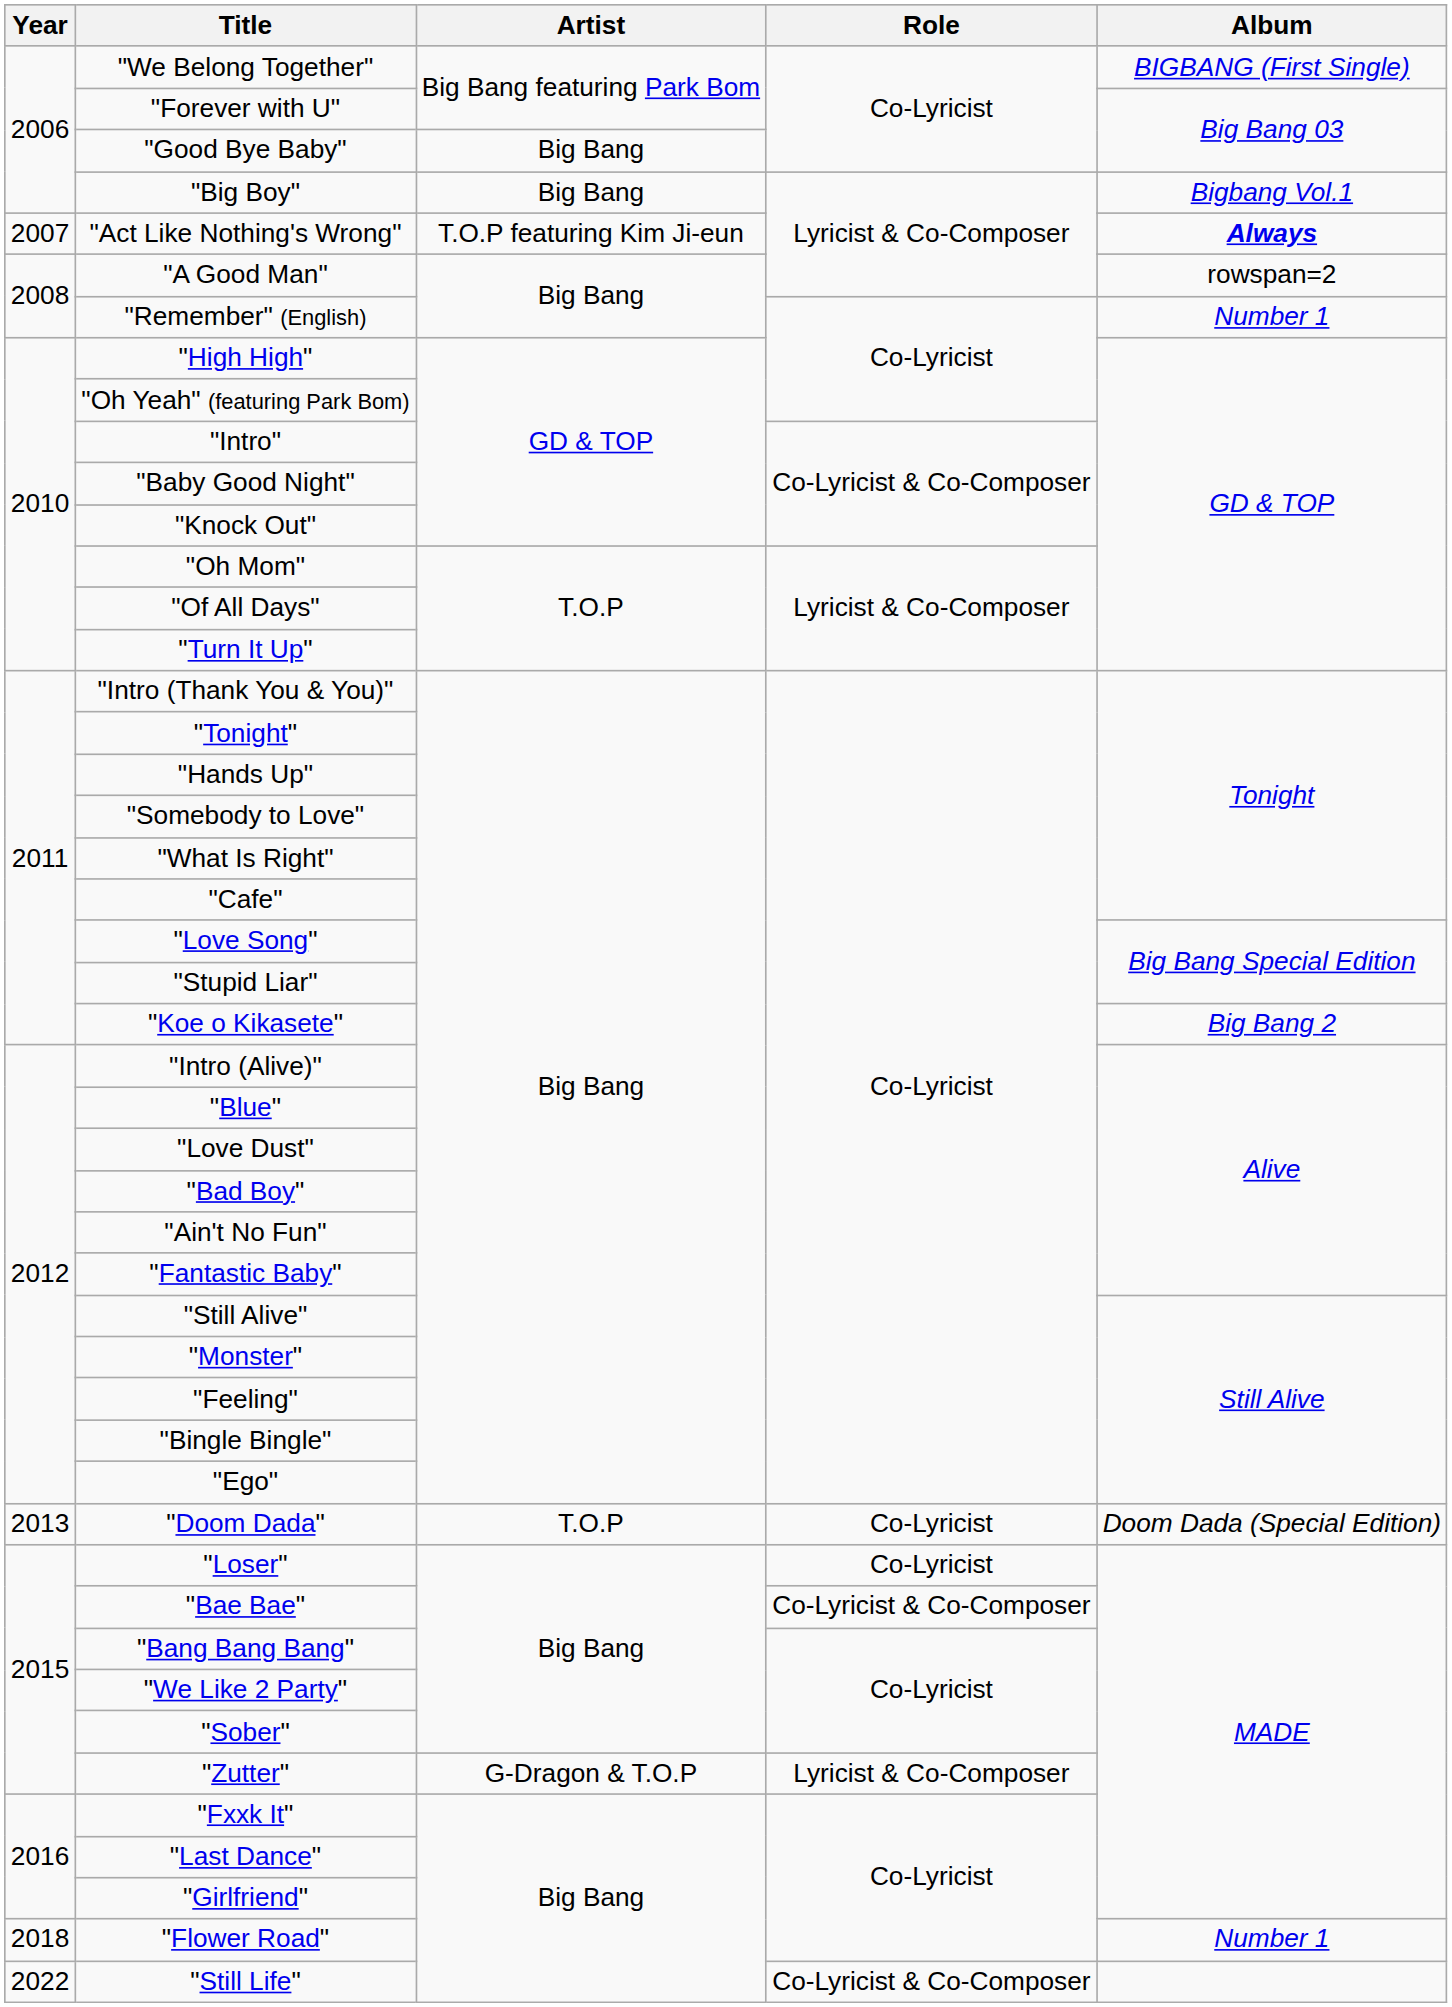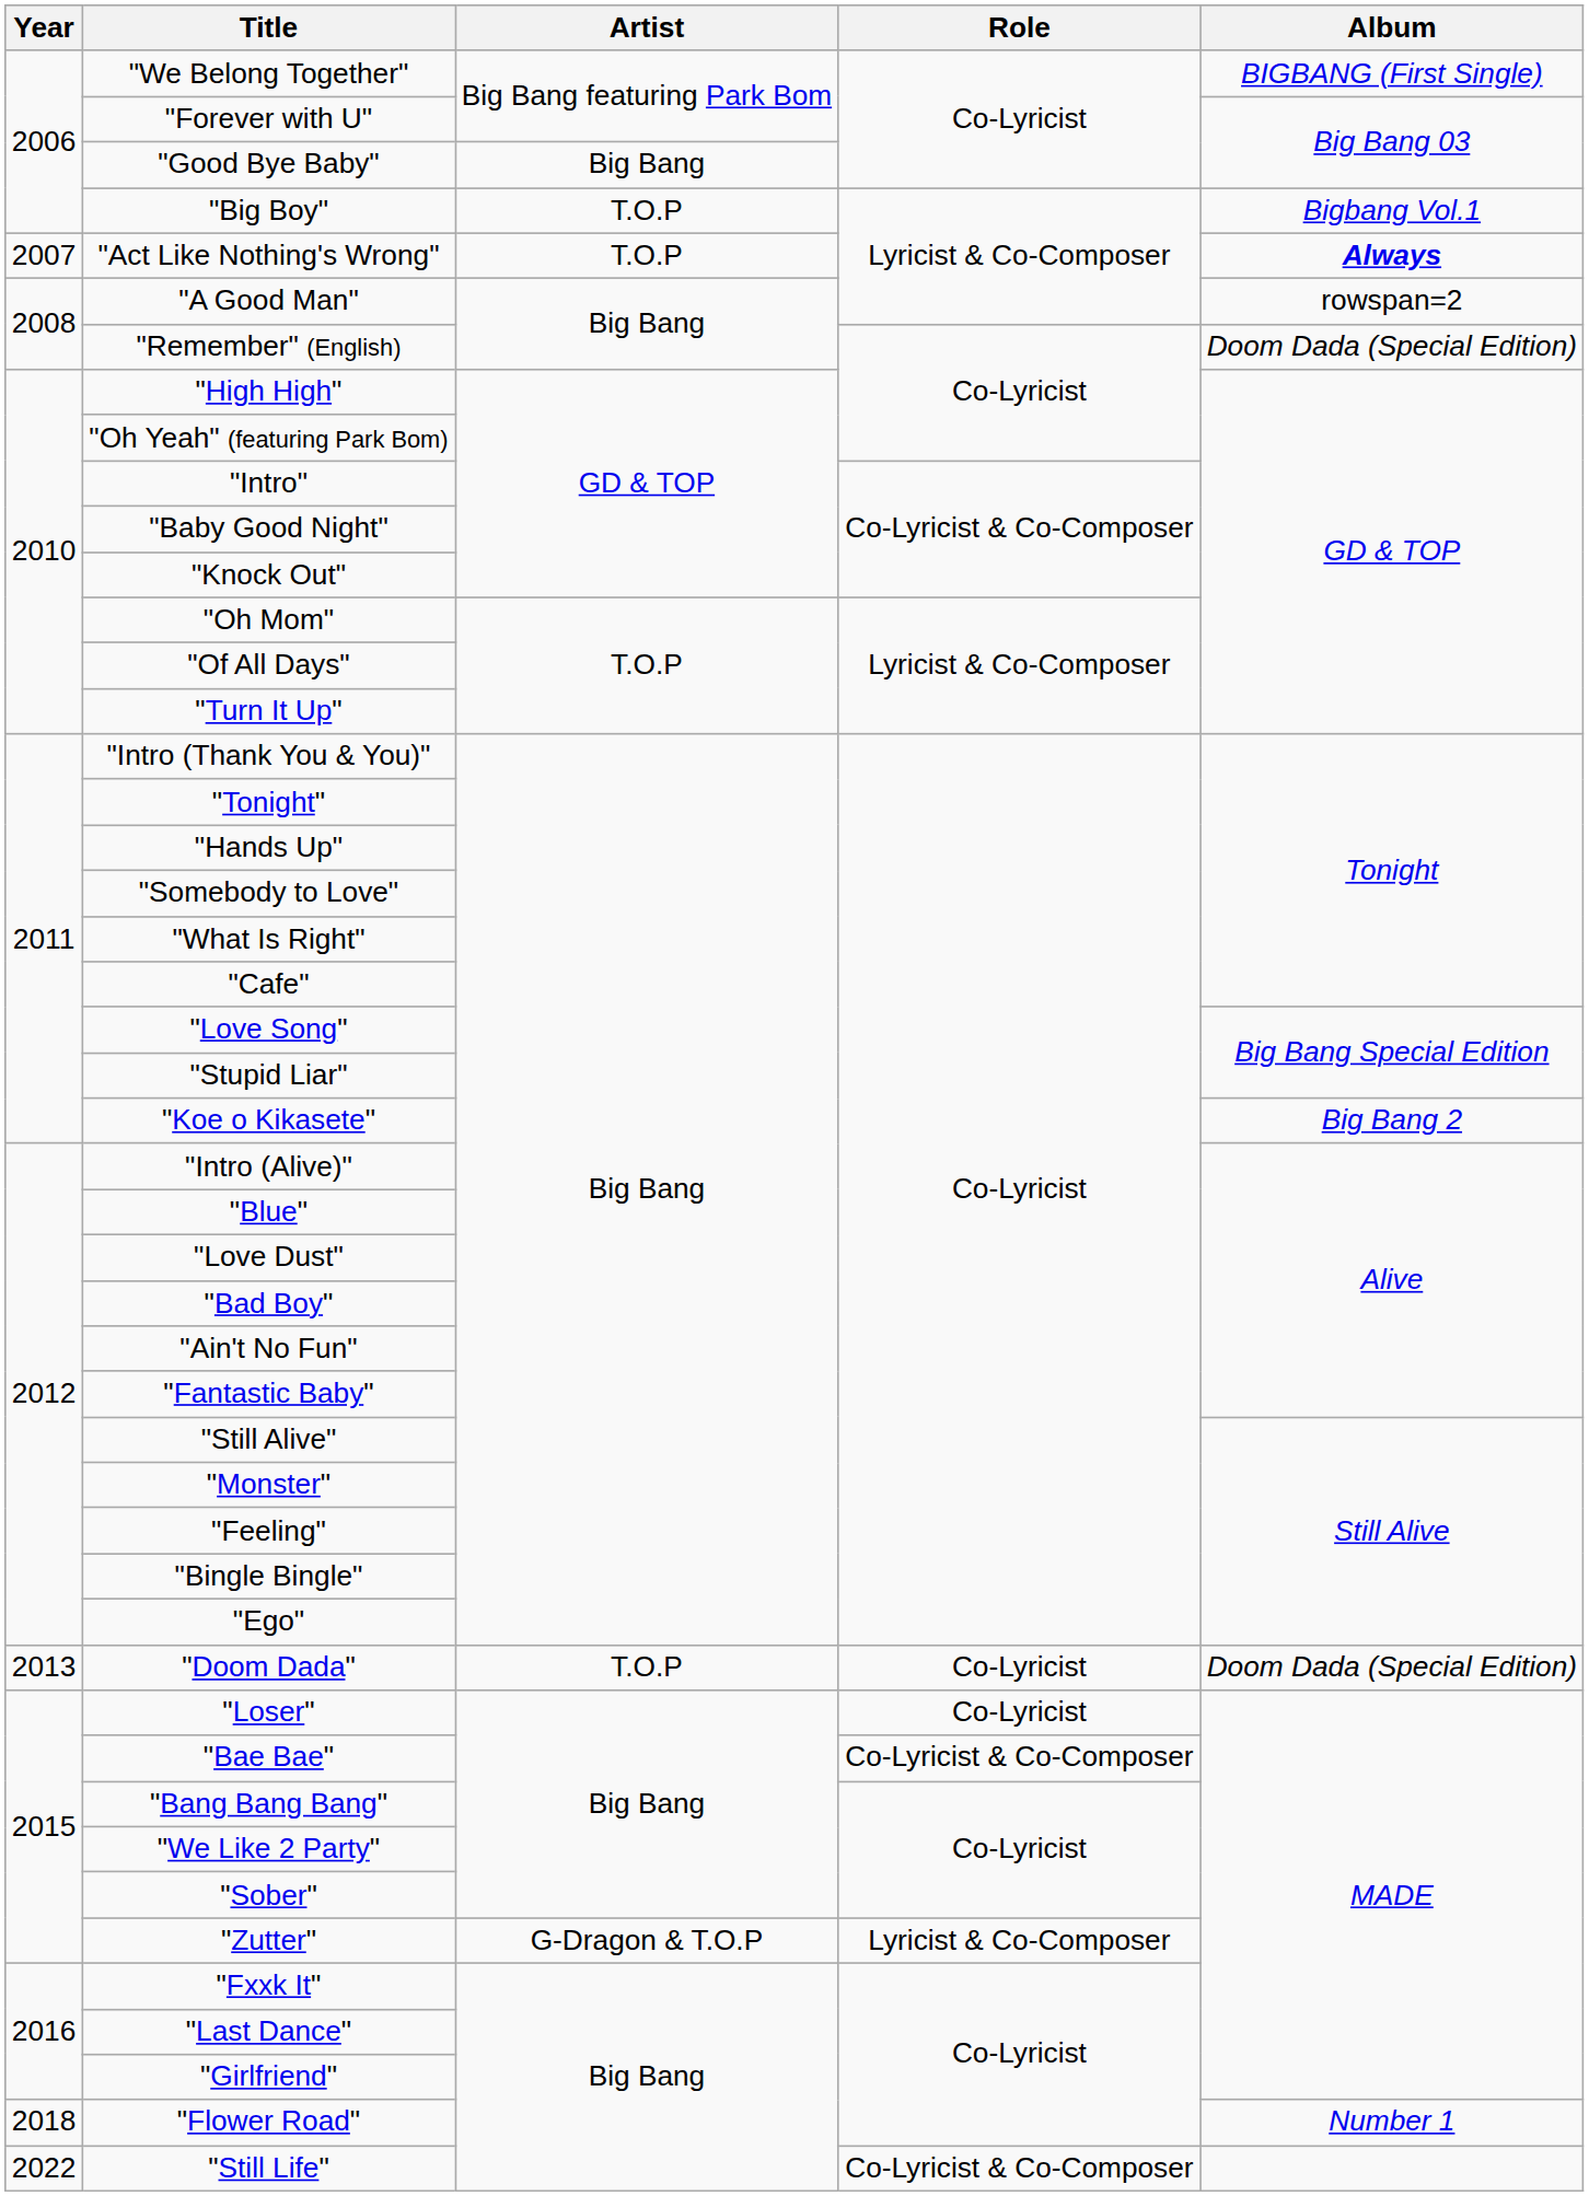 <table class="wikitable" style="text-align:center">
 <tr>
 <th>Year</th>
 <th>Title</th>
 <th>Artist</th>
 <th>Role</th>
 <th>Album</th>
 </tr>
 <tr>
 <td rowspan=4>2006</td>
 <td>"We Belong Together"</td>
 <td rowspan=2>Big Bang featuring <a href='#'>Park Bom</a></td>
 <td rowspan=3>Co-Lyricist</td>
 <td><em><a href='#'>BIGBANG (First Single)</a></em></td>
 </tr>
 <tr>
 <td>"Forever with U"</td>
 <td rowspan=2><em><a href='#'>Big Bang 03</a></em></td>
 </tr>
 <tr>
 <td>"Good Bye Baby"</td>
 <td>Big Bang</td>
 </tr>
 <tr>
 <td>"Big Boy"</td>
-<td>Big Bang</td>
+<td>T.O.P</td>
 <td rowspan=3>Lyricist & Co-Composer</td>
 <td><em><a href='#'>Bigbang Vol.1</a></em></td>
 </tr>
 <tr>
 <td>2007</td>
 <td>"Act Like Nothing's Wrong"</td>
-<td>T.O.P featuring Kim Ji-eun</td>
+<td>T.O.P</td>
 <td><strong><em><a href='#'>Always</a></em></strong></td>
 </tr>
 <tr>
 <td rowspan=2>2008</td>
 <td>"A Good Man"</td>
 <td rowspan=2>Big Bang</td>
 <td>rowspan=2 </td>
 </tr>
 <tr>
 <td>"Remember" <small>(English)</small></td>
 <td rowspan=3>Co-Lyricist</td>
-<td><em><a href='#'>Number 1</a></em></td>
+<td><em>Doom Dada (Special Edition)</em></td>
 </tr>
 <tr>
 <td rowspan=8>2010</td>
 <td>"<a href='#'>High High</a>"</td>
 <td rowspan=5><a href='#'>GD & TOP</a></td>
 <td rowspan=8><em><a href='#'>GD & TOP</a></em></td>
 </tr>
 <tr>
 <td>"Oh Yeah" <small>(featuring Park Bom)</small></td>
 </tr>
 <tr>
 <td>"Intro"</td>
 <td rowspan=3>Co-Lyricist & Co-Composer</td>
 </tr>
 <tr>
 <td>"Baby Good Night"</td>
 </tr>
 <tr>
 <td>"Knock Out"</td>
 </tr>
 <tr>
 <td>"Oh Mom"</td>
 <td rowspan=3>T.O.P</td>
 <td rowspan=3>Lyricist & Co-Composer</td>
 </tr>
 <tr>
 <td>"Of All Days"</td>
 </tr>
 <tr>
 <td>"<a href='#'>Turn It Up</a>"</td>
 </tr>
 <tr>
 <td rowspan=9>2011</td>
 <td>"Intro (Thank You & You)"</td>
 <td rowspan=20>Big Bang</td>
 <td rowspan=20>Co-Lyricist</td>
 <td rowspan=6><em><a href='#'>Tonight</a></em></td>
 </tr>
 <tr>
 <td>"<a href='#'>Tonight</a>"</td>
 </tr>
 <tr>
 <td>"Hands Up"</td>
 </tr>
 <tr>
 <td>"Somebody to Love"</td>
 </tr>
 <tr>
 <td>"What Is Right"</td>
 </tr>
 <tr>
 <td>"Cafe"</td>
 </tr>
 <tr>
 <td>"<a href='#'>Love Song</a>"</td>
 <td rowspan=2><em><a href='#'>Big Bang Special Edition</a></em></td>
 </tr>
 <tr>
 <td>"Stupid Liar"</td>
 </tr>
 <tr>
 <td>"<a href='#'>Koe o Kikasete</a>"</td>
 <td><em><a href='#'>Big Bang 2</a></em></td>
 </tr>
 <tr>
 <td rowspan=11>2012</td>
 <td>"Intro (Alive)"</td>
 <td rowspan=6><em><a href='#'>Alive</a></em></td>
 </tr>
 <tr>
 <td>"<a href='#'>Blue</a>"</td>
 </tr>
 <tr>
 <td>"Love Dust"</td>
 </tr>
 <tr>
 <td>"<a href='#'>Bad Boy</a>"</td>
 </tr>
 <tr>
 <td>"Ain't No Fun"</td>
 </tr>
 <tr>
 <td>"<a href='#'>Fantastic Baby</a>"</td>
 </tr>
 <tr>
 <td>"Still Alive"</td>
 <td rowspan=5><em><a href='#'>Still Alive</a></em></td>
 </tr>
 <tr>
 <td>"<a href='#'>Monster</a>"</td>
 </tr>
 <tr>
 <td>"Feeling"</td>
 </tr>
 <tr>
 <td>"Bingle Bingle"</td>
 </tr>
 <tr>
 <td>"Ego"</td>
 </tr>
 <tr>
 <td>2013</td>
 <td>"<a href='#'>Doom Dada</a>"</td>
 <td>T.O.P</td>
 <td>Co-Lyricist</td>
 <td><em>Doom Dada (Special Edition)</em></td>
 </tr>
 <tr>
 <td rowspan=6>2015</td>
 <td>"<a href='#'>Loser</a>"</td>
 <td rowspan=5>Big Bang</td>
 <td>Co-Lyricist</td>
 <td rowspan=9><em><a href='#'>MADE</a></em></td>
 </tr>
 <tr>
 <td>"<a href='#'>Bae Bae</a>"</td>
 <td>Co-Lyricist & Co-Composer</td>
 </tr>
 <tr>
 <td>"<a href='#'>Bang Bang Bang</a>"</td>
 <td rowspan=3>Co-Lyricist</td>
 </tr>
 <tr>
 <td>"<a href='#'>We Like 2 Party</a>"</td>
 </tr>
 <tr>
 <td>"<a href='#'>Sober</a>"</td>
 </tr>
 <tr>
 <td>"<a href='#'>Zutter</a>"</td>
 <td>G-Dragon & T.O.P</td>
 <td>Lyricist & Co-Composer</td>
 </tr>
 <tr>
 <td rowspan=3>2016</td>
 <td>"<a href='#'>Fxxk It</a>"</td>
 <td rowspan=5>Big Bang</td>
 <td rowspan=4>Co-Lyricist</td>
 </tr>
 <tr>
 <td>"<a href='#'>Last Dance</a>"</td>
 </tr>
 <tr>
 <td>"<a href='#'>Girlfriend</a>"</td>
 </tr>
 <tr>
 <td>2018</td>
 <td>"<a href='#'>Flower Road</a>"</td>
 <td><em><a href='#'>Number 1</a></em></td>
 </tr>
 <tr>
 <td>2022</td>
 <td>"<a href='#'>Still Life</a>"</td>
 <td>Co-Lyricist & Co-Composer</td>
 </tr>
 </table>
